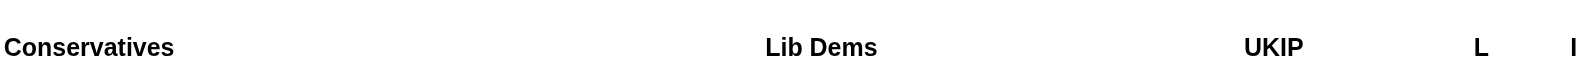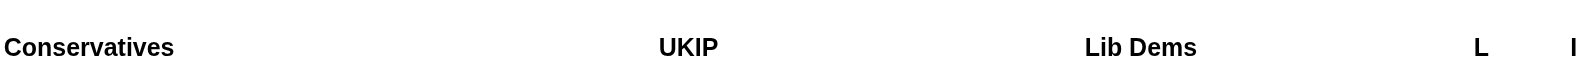 <table style="width:100%; text-align:center;">
 <tr style="color:white;">
 <td style="background:"><strong>36</strong></td>
+<td style="background:"><strong>6</strong></td>
 <td style="background:"><strong>5</strong></td>
-<td style="background:"><strong>6</strong></td>
 <td style="background:"><strong>1</strong></td>
 <td style="background:"><strong>1</strong></td>
 </tr>
 <tr>
 <td><span><strong>Conservatives</strong></span></td>
+<td><span><strong>UKIP</strong></span></td>
 <td><span><strong>Lib Dems</strong></span></td>
-<td><span><strong>UKIP</strong></span></td>
 <td><span><strong>L</strong></span></td>
 <td><span><strong>I</strong></span></td>
 </tr>
 </table>
